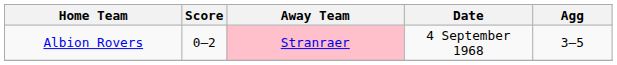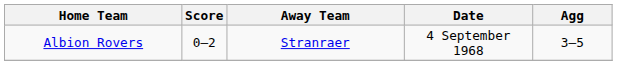 <table class="wikitable" style="text-align:center;">
 <tr>
 <th width=175>Home Team</th>
 <th width=20>Score</th>
 <th width=175>Away Team</th>
 <th width= 125>Date</th>
 <th width= 75>Agg</th>
 </tr>
 <tr>
 <td><a href='#'>Albion Rovers</a></td>
 <td>0–2</td>
-<td style="background: pink;"><a href='#'>Stranraer</a></td>
+<td><a href='#'>Stranraer</a></td>
 <td>4 September 1968</td>
 <td>3–5</td>
 </tr>
 <tr>
 </tr>
 </table>
